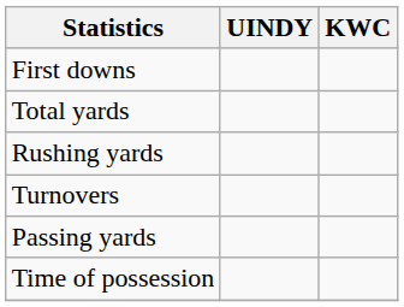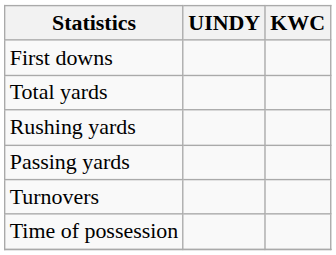 <table class="wikitable" style="float: left;">
 <tr>
 <th>Statistics</th>
 <th>UINDY</th>
 <th>KWC</th>
 </tr>
 <tr>
 <td>First downs</td>
 <td></td>
 <td></td>
 </tr>
 <tr>
 <td>Total yards</td>
 <td></td>
 <td></td>
 </tr>
 <tr>
 <td>Rushing yards</td>
 <td></td>
 <td></td>
 </tr>
 <tr>
-<td>Turnovers</td>
+<td>Passing yards</td>
 <td></td>
 <td></td>
 </tr>
 <tr>
-<td>Passing yards</td>
+<td>Turnovers</td>
 <td></td>
 <td></td>
 </tr>
 <tr>
 <td>Time of possession</td>
 <td></td>
 <td></td>
 </tr>
 <tr>
 </tr>
 </table>
